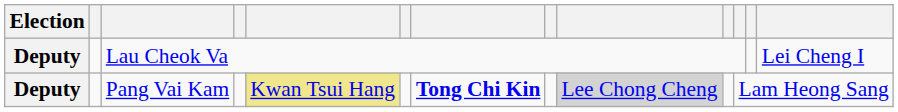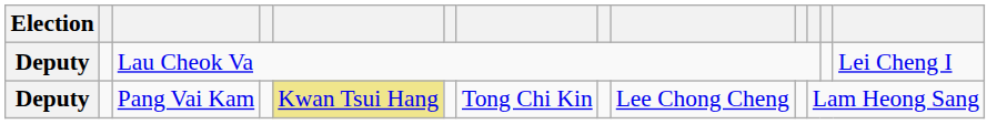 <table class="wikitable">
 <tr>
 <th>Election</th>
 <th style="width:1px;"></th>
 <th></th>
 <th style="width:1px;"></th>
 <th></th>
 <th style="width:1px;"></th>
 <th></th>
 <th style="width:1px;"></th>
 <th></th>
 <th style="width:1px;"></th>
 <th></th>
 <th style="width:1px;"></th>
 <th></th>
 </tr>
 <tr>
 <th>Deputy</th>
 <td width=1px style="background-color: "></td>
 <td colspan = 9><a href='#'>Lau Cheok Va</a></td>
 <td width=1px style="background-color: "></td>
 <td><a href='#'>Lei Cheng I</a></td>
 </tr>
 <tr>
 <th>Deputy</th>
 <td width=1px style="background-color: "></td>
 <td colspan = 1><a href='#'>Pang Vai Kam</a></td>
 <td width=1px style="background-color: "></td>
 <td colspan = 1 style="background: khaki;"><a href='#'>Kwan Tsui Hang</a></td>
 <td width=1px style="background-color: "></td>
-<td colspan = 1><strong><a href='#'>Tong Chi Kin</a></strong></td>
+<td colspan = 1><a href='#'>Tong Chi Kin</a></td>
 <td width=1px style="background-color: "></td>
-<td colspan = 1 style="background: lightgrey;"><a href='#'>Lee Chong Cheng</a></td>
+<td colspan = 1><a href='#'>Lee Chong Cheng</a></td>
 <td width=1px style="background-color: "></td>
 <td colspan = 3><a href='#'>Lam Heong Sang</a></td>
 </tr>
 </table>
